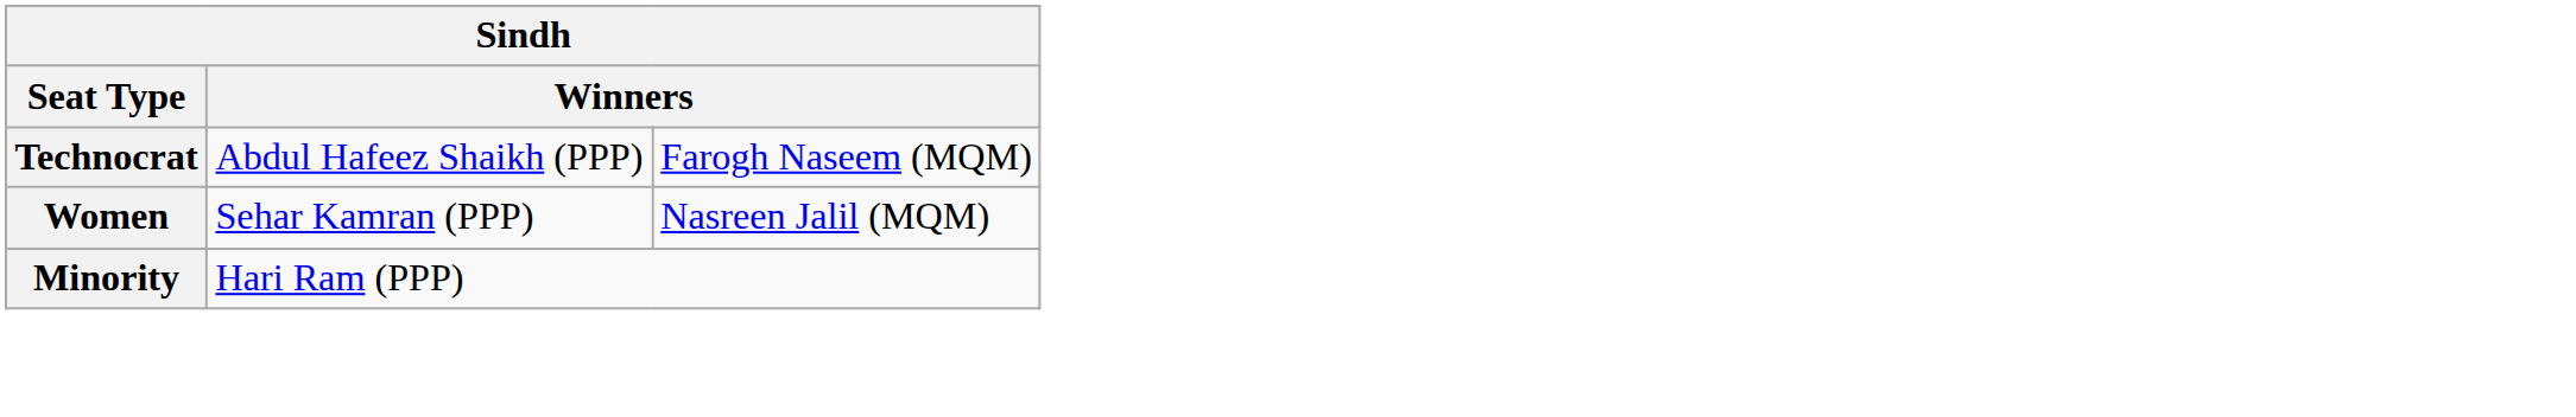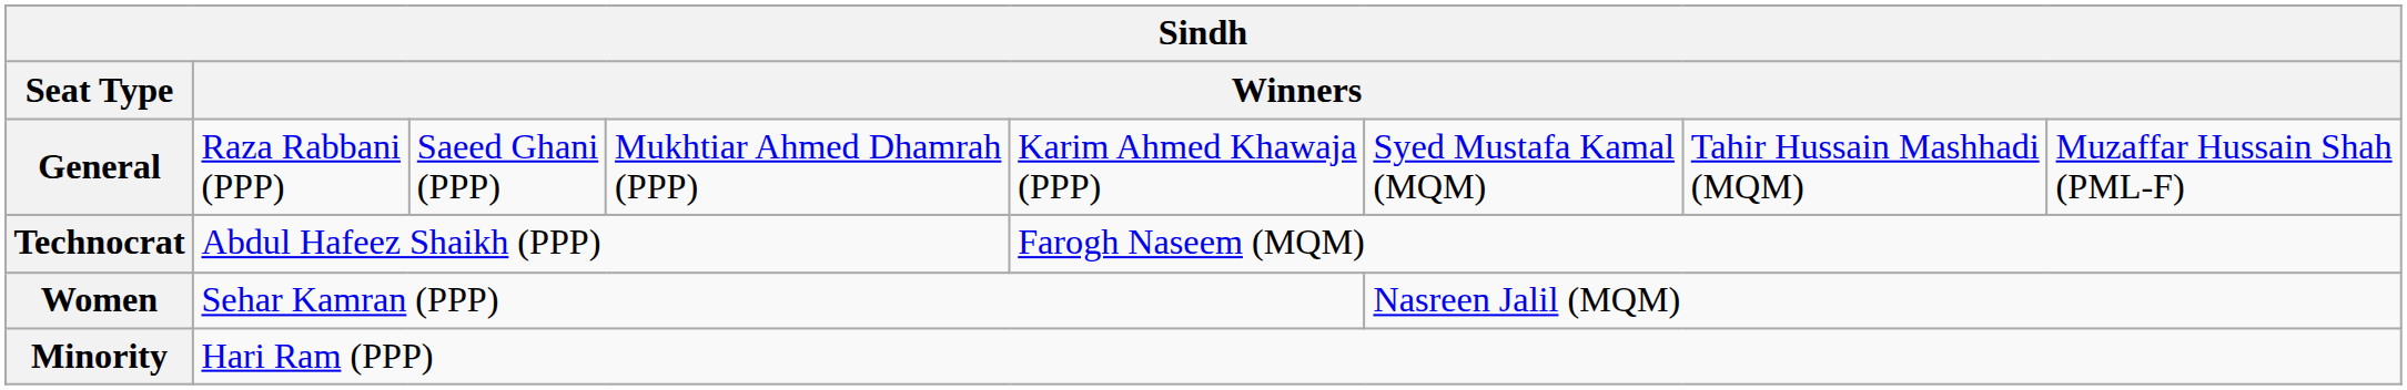 <table class="wikitable">
 <tr>
 <th colspan="8">Sindh</th>
 </tr>
 <tr>
 <th>Seat Type</th>
 <th colspan="7">Winners</th>
+</tr>
+<tr>
+<th>General</th>
+<td style="background:"><a href='#'>Raza Rabbani</a><br>(PPP)</td>
+<td style="background:"><a href='#'>Saeed Ghani</a><br>(PPP)</td>
+<td style="background:"><a href='#'>Mukhtiar Ahmed Dhamrah</a><br>(PPP)</td>
+<td style="background:"><a href='#'>Karim Ahmed Khawaja</a><br>(PPP)</td>
+<td style="background:"><a href='#'>Syed Mustafa Kamal</a><br>(MQM)</td>
+<td style="background:"><a href='#'>Tahir Hussain Mashhadi</a><br>(MQM)</td>
+<td style="background:"><a href='#'>Muzaffar Hussain Shah</a><br>(PML-F)</td>
 </tr>
 <tr>
 <th>Technocrat</th>
 <td colspan="3" style="background:"><a href='#'>Abdul Hafeez Shaikh</a> (PPP)</td>
 <td colspan="4" style="background:"><a href='#'>Farogh Naseem</a> (MQM)</td>
 </tr>
 <tr>
 <th>Women</th>
 <td colspan="4" style="background:"><a href='#'>Sehar Kamran</a> (PPP)</td>
 <td colspan="3" style="background:"><a href='#'>Nasreen Jalil</a> (MQM)</td>
 </tr>
 <tr>
 <th>Minority</th>
 <td colspan="7" style="background:"><a href='#'>Hari Ram</a> (PPP)</td>
 </tr>
 </table>
